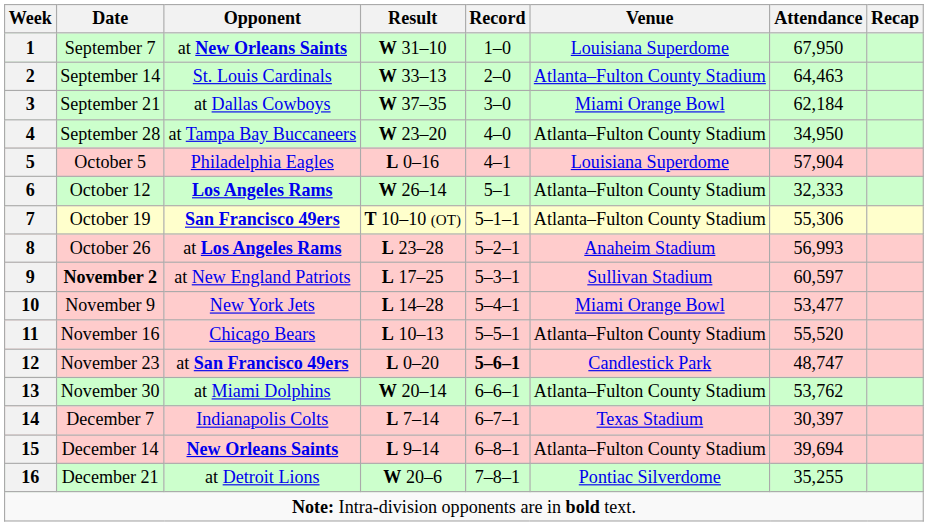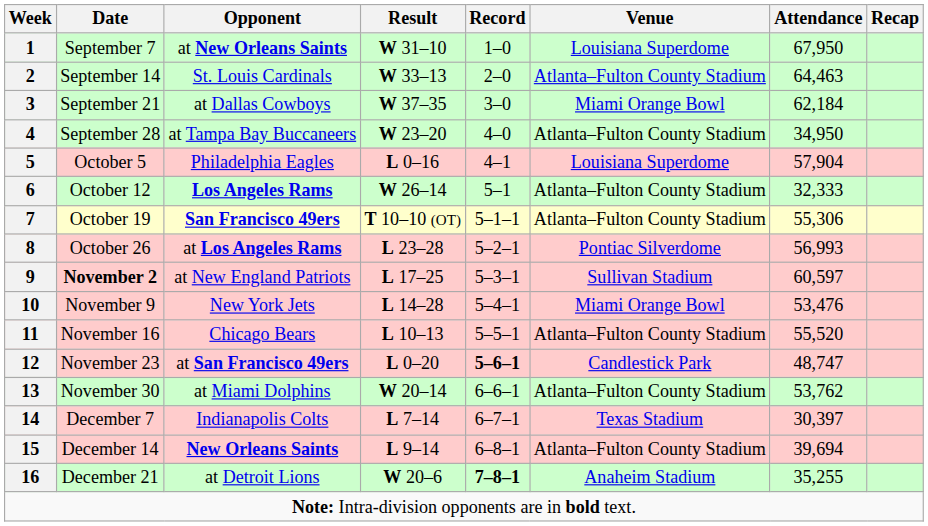 <table class="wikitable" style="text-align:center">
 <tr>
 <th>Week</th>
 <th>Date</th>
 <th>Opponent</th>
 <th>Result</th>
 <th>Record</th>
 <th>Venue</th>
 <th>Attendance</th>
 <th>Recap</th>
 </tr>
 <tr style="background:#cfc">
 <th>1</th>
 <td>September 7</td>
 <td>at <strong><a href='#'>New Orleans Saints</a></strong></td>
 <td><strong>W</strong> 31–10</td>
 <td>1–0</td>
 <td><a href='#'>Louisiana Superdome</a></td>
 <td>67,950</td>
 <td></td>
 </tr>
 <tr style="background:#cfc">
 <th>2</th>
 <td>September 14</td>
 <td><a href='#'>St. Louis Cardinals</a></td>
 <td><strong>W</strong> 33–13</td>
 <td>2–0</td>
 <td><a href='#'>Atlanta–Fulton County Stadium</a></td>
 <td>64,463</td>
 <td></td>
 </tr>
 <tr style="background:#cfc">
 <th>3</th>
 <td>September 21</td>
 <td>at <a href='#'>Dallas Cowboys</a></td>
 <td><strong>W</strong> 37–35</td>
 <td>3–0</td>
 <td><a href='#'>Miami Orange Bowl</a></td>
 <td>62,184</td>
 <td></td>
 </tr>
 <tr style="background:#cfc">
 <th>4</th>
 <td>September 28</td>
 <td>at <a href='#'>Tampa Bay Buccaneers</a></td>
 <td><strong>W</strong> 23–20</td>
 <td>4–0</td>
 <td>Atlanta–Fulton County Stadium</td>
 <td>34,950</td>
 <td></td>
 </tr>
 <tr style="background:#fcc">
 <th>5</th>
 <td>October 5</td>
 <td><a href='#'>Philadelphia Eagles</a></td>
 <td><strong>L</strong> 0–16</td>
 <td>4–1</td>
 <td><a href='#'>Louisiana Superdome</a></td>
 <td>57,904</td>
 <td></td>
 </tr>
 <tr style="background:#cfc">
 <th>6</th>
 <td>October 12</td>
 <td><strong><a href='#'>Los Angeles Rams</a></strong></td>
 <td><strong>W</strong> 26–14</td>
 <td>5–1</td>
 <td>Atlanta–Fulton County Stadium</td>
 <td>32,333</td>
 <td></td>
 </tr>
 <tr style="background:#ffc">
 <th>7</th>
 <td>October 19</td>
 <td><strong><a href='#'>San Francisco 49ers</a></strong></td>
 <td><strong>T</strong> 10–10 <small>(OT)</small></td>
 <td>5–1–1</td>
 <td>Atlanta–Fulton County Stadium</td>
 <td>55,306</td>
 <td></td>
 </tr>
 <tr style="background:#fcc">
 <th>8</th>
 <td>October 26</td>
 <td>at <strong><a href='#'>Los Angeles Rams</a></strong></td>
 <td><strong>L</strong> 23–28</td>
 <td>5–2–1</td>
-<td><a href='#'>Anaheim Stadium</a></td>
+<td><a href='#'>Pontiac Silverdome</a></td>
 <td>56,993</td>
 <td></td>
 </tr>
 <tr style="background:#fcc">
 <th>9</th>
 <td><strong>November 2</strong></td>
 <td>at <a href='#'>New England Patriots</a></td>
 <td><strong>L</strong> 17–25</td>
 <td>5–3–1</td>
 <td><a href='#'>Sullivan Stadium</a></td>
 <td>60,597</td>
 <td></td>
 </tr>
 <tr style="background:#fcc">
 <th>10</th>
 <td>November 9</td>
 <td><a href='#'>New York Jets</a></td>
 <td><strong>L</strong> 14–28</td>
 <td>5–4–1</td>
 <td><a href='#'>Miami Orange Bowl</a></td>
-<td>53,477</td>
+<td>53,476</td>
 <td></td>
 </tr>
 <tr style="background:#fcc">
 <th>11</th>
 <td>November 16</td>
 <td><a href='#'>Chicago Bears</a></td>
 <td><strong>L</strong> 10–13</td>
 <td>5–5–1</td>
 <td>Atlanta–Fulton County Stadium</td>
 <td>55,520</td>
 <td></td>
 </tr>
 <tr style="background:#fcc">
 <th>12</th>
 <td>November 23</td>
 <td>at <strong><a href='#'>San Francisco 49ers</a></strong></td>
 <td><strong>L</strong> 0–20</td>
 <td><strong>5–6–1</strong></td>
 <td><a href='#'>Candlestick Park</a></td>
 <td>48,747</td>
 <td></td>
 </tr>
 <tr style="background:#cfc">
 <th>13</th>
 <td>November 30</td>
 <td>at <a href='#'>Miami Dolphins</a></td>
 <td><strong>W</strong> 20–14</td>
 <td>6–6–1</td>
 <td>Atlanta–Fulton County Stadium</td>
 <td>53,762</td>
 <td></td>
 </tr>
 <tr style="background:#fcc">
 <th>14</th>
 <td>December 7</td>
 <td><a href='#'>Indianapolis Colts</a></td>
 <td><strong>L</strong> 7–14</td>
 <td>6–7–1</td>
 <td><a href='#'>Texas Stadium</a></td>
 <td>30,397</td>
 <td></td>
 </tr>
 <tr style="background:#fcc">
 <th>15</th>
 <td>December 14</td>
 <td><strong><a href='#'>New Orleans Saints</a></strong></td>
 <td><strong>L</strong> 9–14</td>
 <td>6–8–1</td>
 <td>Atlanta–Fulton County Stadium</td>
 <td>39,694</td>
 <td></td>
 </tr>
 <tr style="background:#cfc">
 <th>16</th>
 <td>December 21</td>
 <td>at <a href='#'>Detroit Lions</a></td>
 <td><strong>W</strong> 20–6</td>
-<td>7–8–1</td>
-<td><a href='#'>Pontiac Silverdome</a></td>
+<td><strong>7–8–1</strong></td>
+<td><a href='#'>Anaheim Stadium</a></td>
 <td>35,255</td>
 <td></td>
 </tr>
 <tr>
 <td colspan="8"><strong>Note:</strong> Intra-division opponents are in <strong>bold</strong> text.</td>
 </tr>
 </table>
